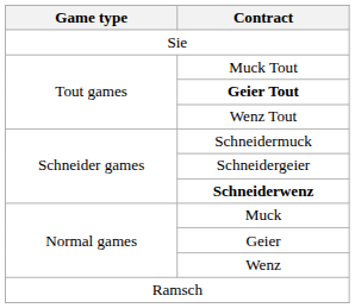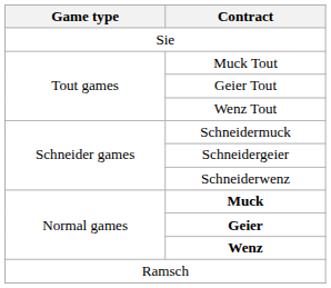 <table class="wikitable floatright" cellpadding="2" style="background: #c0c0c0; border-spacing: 1px;">
 <tr align="center">
 <th width="33%">Game type</th>
 <th width="33%">Contract</th>
 </tr>
 <tr align="center">
 <td colspan=2 style="background: #ffffff;">Sie</td>
 </tr>
 <tr align="center">
 <td rowspan=3 style="background: #ffffff;">Tout games</td>
 <td style="background: #ffffff;">Muck Tout</td>
 </tr>
 <tr align="center">
-<td style="background: #ffffff;"><strong>Geier Tout</strong></td>
+<td style="background: #ffffff;">Geier Tout</td>
 </tr>
 <tr align="center">
 <td style="background: #ffffff;">Wenz Tout</td>
 </tr>
 <tr align="center">
 <td rowspan=3 style="background: #ffffff;">Schneider games</td>
 <td style="background: #ffffff;">Schneidermuck</td>
 </tr>
 <tr align="center">
 <td style="background: #ffffff;">Schneidergeier</td>
 </tr>
 <tr align="center">
-<td style="background: #ffffff;"><strong>Schneiderwenz</strong></td>
+<td style="background: #ffffff;">Schneiderwenz</td>
 </tr>
 <tr align="center">
 <td rowspan=3 style="background: #ffffff;">Normal games</td>
-<td style="background: #ffffff;">Muck</td>
+<td style="background: #ffffff;"><strong>Muck</strong></td>
 </tr>
 <tr align="center">
-<td style="background: #ffffff;">Geier</td>
+<td style="background: #ffffff;"><strong>Geier</strong></td>
 </tr>
 <tr align="center">
-<td style="background: #ffffff;">Wenz</td>
+<td style="background: #ffffff;"><strong>Wenz</strong></td>
 </tr>
 <tr align="center">
 <td colspan=2 style="background: #ffffff;">Ramsch</td>
 </tr>
 </table>
